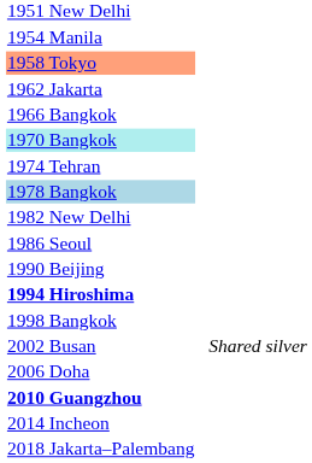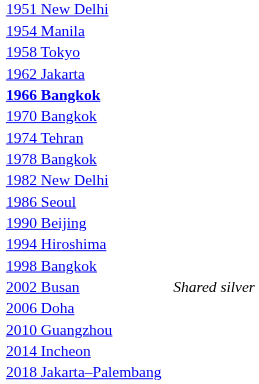 <table>
 <tr>
 <td><a href='#'>1951 New Delhi</a></td>
 <td></td>
 <td></td>
 <td></td>
 </tr>
 <tr>
 <td><a href='#'>1954 Manila</a></td>
 <td></td>
 <td></td>
 <td></td>
 </tr>
 <tr>
-<td style="background: lightsalmon;"><a href='#'>1958 Tokyo</a></td>
+<td><a href='#'>1958 Tokyo</a></td>
 <td></td>
 <td></td>
 <td></td>
 </tr>
 <tr>
 <td><a href='#'>1962 Jakarta</a></td>
 <td></td>
 <td></td>
 <td></td>
 </tr>
 <tr>
-<td><a href='#'>1966 Bangkok</a></td>
+<td><strong><a href='#'>1966 Bangkok</a></strong></td>
 <td></td>
 <td></td>
 <td></td>
 </tr>
 <tr>
-<td style="background: paleturquoise;"><a href='#'>1970 Bangkok</a></td>
+<td><a href='#'>1970 Bangkok</a></td>
 <td></td>
 <td></td>
 <td></td>
 </tr>
 <tr>
 <td><a href='#'>1974 Tehran</a></td>
 <td></td>
 <td></td>
 <td></td>
 </tr>
 <tr>
-<td style="background: lightblue;"><a href='#'>1978 Bangkok</a></td>
+<td><a href='#'>1978 Bangkok</a></td>
 <td></td>
 <td></td>
 <td></td>
 </tr>
 <tr>
 <td><a href='#'>1982 New Delhi</a></td>
 <td></td>
 <td></td>
 <td></td>
 </tr>
 <tr>
 <td><a href='#'>1986 Seoul</a></td>
 <td></td>
 <td></td>
 <td></td>
 </tr>
 <tr>
 <td><a href='#'>1990 Beijing</a></td>
 <td></td>
 <td></td>
 <td></td>
 </tr>
 <tr>
-<td><strong><a href='#'>1994 Hiroshima</a></strong></td>
+<td><a href='#'>1994 Hiroshima</a></td>
 <td></td>
 <td></td>
 <td></td>
 </tr>
 <tr>
 <td><a href='#'>1998 Bangkok</a></td>
 <td></td>
 <td></td>
 <td></td>
 </tr>
 <tr>
 <td rowspan=2><a href='#'>2002 Busan</a></td>
 <td rowspan=2></td>
 <td></td>
 <td rowspan=2><em>Shared silver</em></td>
 </tr>
 <tr>
 <td></td>
 </tr>
 <tr>
 <td><a href='#'>2006 Doha</a></td>
 <td></td>
 <td></td>
 <td></td>
 </tr>
 <tr>
-<td><strong><a href='#'>2010 Guangzhou</a></strong></td>
+<td><a href='#'>2010 Guangzhou</a></td>
 <td></td>
 <td></td>
 <td></td>
 </tr>
 <tr>
 <td><a href='#'>2014 Incheon</a></td>
 <td></td>
 <td></td>
 <td></td>
 </tr>
 <tr>
 <td><a href='#'>2018 Jakarta–Palembang</a></td>
 <td></td>
 <td></td>
 <td></td>
 </tr>
 </table>
